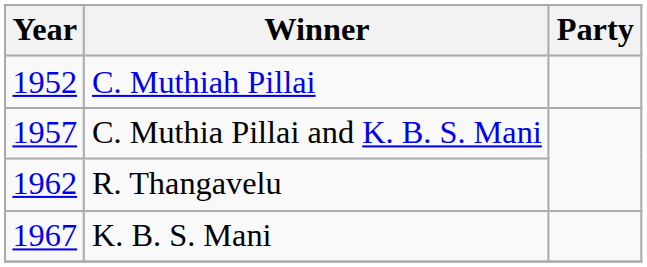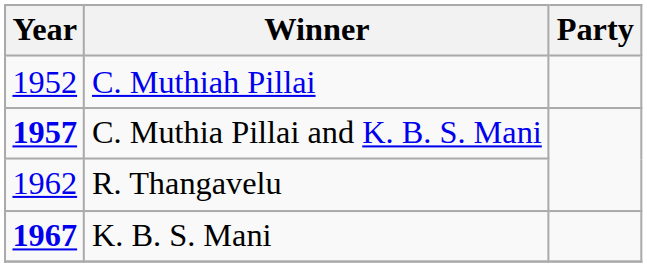 <table class="wikitable sortable">
 <tr>
 <th>Year</th>
 <th>Winner</th>
 <th colspan="2">Party</th>
 </tr>
 <tr>
 <td><a href='#'>1952</a></td>
 <td><a href='#'>C. Muthiah Pillai</a></td>
 <td></td>
 </tr>
 <tr>
-<td><a href='#'>1957</a></td>
+<td><strong><a href='#'>1957</a></strong></td>
 <td>C. Muthia Pillai and <a href='#'>K. B. S. Mani</a></td>
 </tr>
 <tr>
 <td><a href='#'>1962</a></td>
 <td>R. Thangavelu</td>
 </tr>
 <tr>
-<td><a href='#'>1967</a></td>
+<td><strong><a href='#'>1967</a></strong></td>
 <td>K. B. S. Mani</td>
 <td></td>
 </tr>
 <tr>
 </tr>
 </table>
